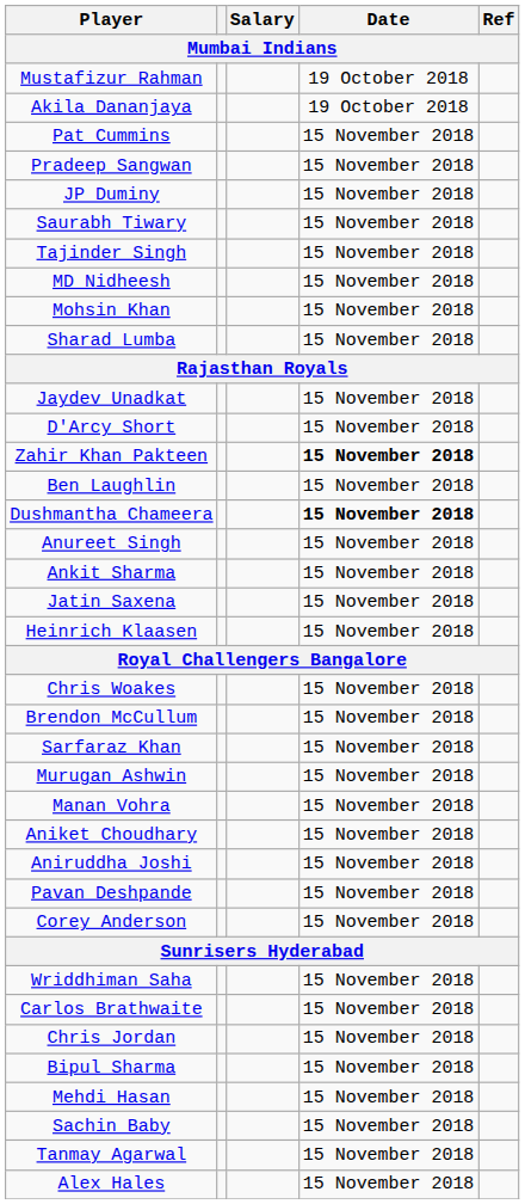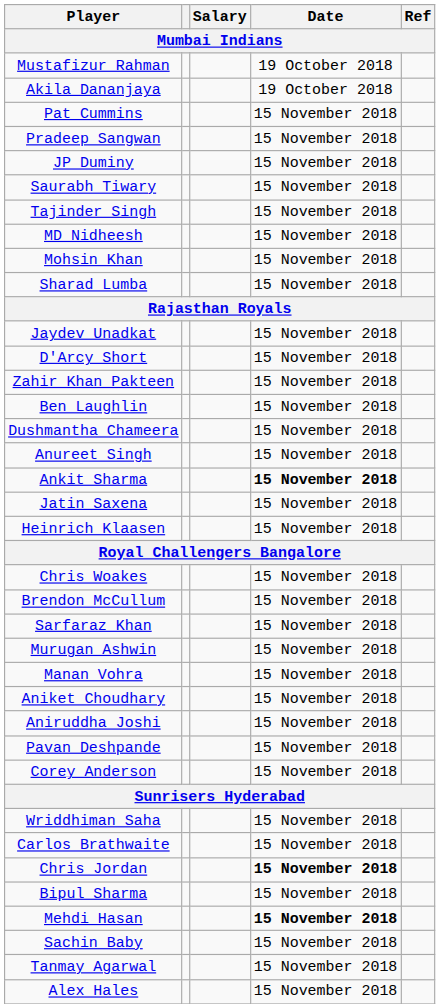 <table class="wikitable collapsible"  style="text-align:center">
 <tr>
 <th style="text-align:center;">Player</th>
 <th style="text-align:center;"></th>
 <th style="text-align:center;">Salary</th>
 <th>Date</th>
 <th style="text-align:center;">Ref</th>
 </tr>
 <tr>
 <th colspan="6"><strong><a href='#'>Mumbai Indians</a></strong></th>
 </tr>
 <tr>
 <td><a href='#'>Mustafizur Rahman</a></td>
 <td></td>
 <td></td>
 <td>19 October 2018</td>
 <td></td>
 </tr>
 <tr>
 <td><a href='#'>Akila Dananjaya</a></td>
 <td></td>
 <td></td>
 <td>19 October 2018</td>
 <td></td>
 </tr>
 <tr>
 <td><a href='#'>Pat Cummins</a></td>
 <td></td>
 <td></td>
 <td>15 November 2018</td>
 <td></td>
 </tr>
 <tr>
 <td><a href='#'>Pradeep Sangwan</a></td>
 <td></td>
 <td></td>
 <td>15 November 2018</td>
 <td></td>
 </tr>
 <tr>
 <td><a href='#'>JP Duminy</a></td>
 <td></td>
 <td></td>
 <td>15 November 2018</td>
 <td></td>
 </tr>
 <tr>
 <td><a href='#'>Saurabh Tiwary</a></td>
 <td></td>
 <td></td>
 <td>15 November 2018</td>
 <td></td>
 </tr>
 <tr>
 <td><a href='#'>Tajinder Singh</a></td>
 <td></td>
 <td></td>
 <td>15 November 2018</td>
 <td></td>
 </tr>
 <tr>
 <td><a href='#'>MD Nidheesh</a></td>
 <td></td>
 <td></td>
 <td>15 November 2018</td>
 <td></td>
 </tr>
 <tr>
 <td><a href='#'>Mohsin Khan</a></td>
 <td></td>
 <td></td>
 <td>15 November 2018</td>
 <td></td>
 </tr>
 <tr>
 <td><a href='#'>Sharad Lumba</a></td>
 <td></td>
 <td></td>
 <td>15 November 2018</td>
 <td></td>
 </tr>
 <tr>
 <th colspan="6"><strong><a href='#'>Rajasthan Royals</a></strong></th>
 </tr>
 <tr>
 <td><a href='#'>Jaydev Unadkat</a></td>
 <td></td>
 <td></td>
 <td>15 November 2018</td>
 <td></td>
 </tr>
 <tr>
 <td><a href='#'>D'Arcy Short</a></td>
 <td></td>
 <td></td>
 <td>15 November 2018</td>
 <td></td>
 </tr>
 <tr>
 <td><a href='#'>Zahir Khan Pakteen</a></td>
 <td></td>
 <td></td>
-<td><strong>15 November 2018</strong></td>
+<td>15 November 2018</td>
 <td></td>
 </tr>
 <tr>
 <td><a href='#'>Ben Laughlin</a></td>
 <td></td>
 <td></td>
 <td>15 November 2018</td>
 <td></td>
 </tr>
 <tr>
 <td><a href='#'>Dushmantha Chameera</a></td>
 <td></td>
 <td></td>
-<td><strong>15 November 2018</strong></td>
+<td>15 November 2018</td>
 <td></td>
 </tr>
 <tr>
 <td><a href='#'>Anureet Singh</a></td>
 <td></td>
 <td></td>
 <td>15 November 2018</td>
 <td></td>
 </tr>
 <tr>
 <td><a href='#'>Ankit Sharma</a></td>
 <td></td>
 <td></td>
-<td>15 November 2018</td>
+<td><strong>15 November 2018</strong></td>
 <td></td>
 </tr>
 <tr>
 <td><a href='#'>Jatin Saxena</a></td>
 <td></td>
 <td></td>
 <td>15 November 2018</td>
 <td></td>
 </tr>
 <tr>
 <td><a href='#'>Heinrich Klaasen</a></td>
 <td></td>
 <td></td>
 <td>15 November 2018</td>
 <td></td>
 </tr>
 <tr>
 <th colspan="6"><strong><a href='#'>Royal Challengers Bangalore</a></strong></th>
 </tr>
 <tr>
 <td><a href='#'>Chris Woakes</a></td>
 <td></td>
 <td></td>
 <td>15 November 2018</td>
 <td></td>
 </tr>
 <tr>
 <td><a href='#'>Brendon McCullum</a></td>
 <td></td>
 <td></td>
 <td>15 November 2018</td>
 <td></td>
 </tr>
 <tr>
 <td><a href='#'>Sarfaraz Khan</a></td>
 <td></td>
 <td></td>
 <td>15 November 2018</td>
 <td></td>
 </tr>
 <tr>
 <td><a href='#'>Murugan Ashwin</a></td>
 <td></td>
 <td></td>
 <td>15 November 2018</td>
 <td></td>
 </tr>
 <tr>
 <td><a href='#'>Manan Vohra</a></td>
 <td></td>
 <td></td>
 <td>15 November 2018</td>
 <td></td>
 </tr>
 <tr>
 <td><a href='#'>Aniket Choudhary</a></td>
 <td></td>
 <td></td>
 <td>15 November 2018</td>
 <td></td>
 </tr>
 <tr>
 <td><a href='#'>Aniruddha Joshi</a></td>
 <td></td>
 <td></td>
 <td>15 November 2018</td>
 <td></td>
 </tr>
 <tr>
 <td><a href='#'>Pavan Deshpande</a></td>
 <td></td>
 <td></td>
 <td>15 November 2018</td>
 <td></td>
 </tr>
 <tr>
 <td><a href='#'>Corey Anderson</a></td>
 <td></td>
 <td></td>
 <td>15 November 2018</td>
 <td></td>
 </tr>
 <tr>
 <th colspan="6"><strong><a href='#'>Sunrisers Hyderabad</a></strong></th>
 </tr>
 <tr>
 <td><a href='#'>Wriddhiman Saha</a></td>
 <td></td>
 <td></td>
 <td>15 November 2018</td>
 <td></td>
 </tr>
 <tr>
 <td><a href='#'>Carlos Brathwaite</a></td>
 <td></td>
 <td></td>
 <td>15 November 2018</td>
 <td></td>
 </tr>
 <tr>
 <td><a href='#'>Chris Jordan</a></td>
 <td></td>
 <td></td>
-<td>15 November 2018</td>
+<td><strong>15 November 2018</strong></td>
 <td></td>
 </tr>
 <tr>
 <td><a href='#'>Bipul Sharma</a></td>
 <td></td>
 <td></td>
 <td>15 November 2018</td>
 <td></td>
 </tr>
 <tr>
 <td><a href='#'>Mehdi Hasan</a></td>
 <td></td>
 <td></td>
-<td>15 November 2018</td>
+<td><strong>15 November 2018</strong></td>
 <td></td>
 </tr>
 <tr>
 <td><a href='#'>Sachin Baby</a></td>
 <td></td>
 <td></td>
 <td>15 November 2018</td>
 <td></td>
 </tr>
 <tr>
 <td><a href='#'>Tanmay Agarwal</a></td>
 <td></td>
 <td></td>
 <td>15 November 2018</td>
 <td></td>
 </tr>
 <tr>
 <td><a href='#'>Alex Hales</a></td>
 <td></td>
 <td></td>
 <td>15 November 2018</td>
 <td></td>
 </tr>
 </table>
